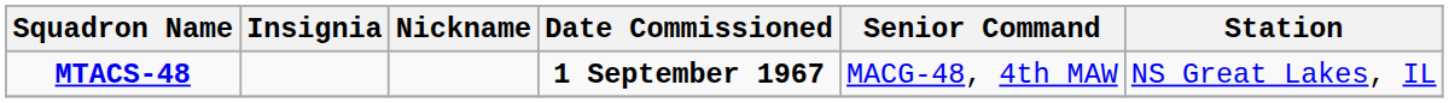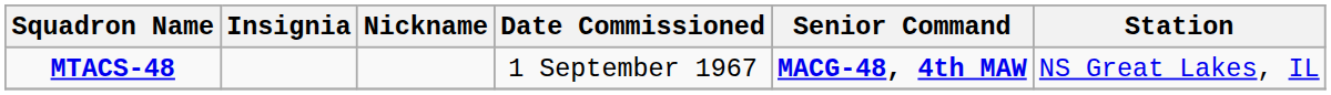 <table class="wikitable sortable" style="text-align:center;">
 <tr bgcolor="#CCCCCC">
 <th>Squadron Name</th>
 <th>Insignia</th>
 <th>Nickname</th>
 <th>Date Commissioned</th>
 <th>Senior Command</th>
 <th>Station</th>
 </tr>
 <tr>
 <td><strong><a href='#'>MTACS-48</a></strong></td>
 <td><strong></strong></td>
 <td></td>
-<td><strong>1 September 1967</strong></td>
-<td><a href='#'>MACG-48</a>, <a href='#'>4th MAW</a></td>
+<td>1 September 1967</td>
+<td><strong><a href='#'>MACG-48</a>, <a href='#'>4th MAW</a></strong></td>
 <td><a href='#'>NS Great Lakes</a>, <a href='#'>IL</a></td>
 </tr>
 <tr>
 </tr>
 </table>
